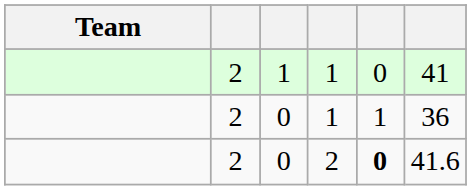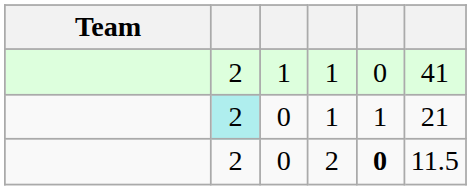 <table class="wikitable" style="text-align:center; float:left; margin-right:1em">
 <tr>
 <th width="110">Team</th>
 <th width="20"></th>
 <th width="20"></th>
 <th width="20"></th>
 <th width="20"></th>
 <th width="20"></th>
 </tr>
 <tr bgcolor="#ddffdd">
 <td align=left></td>
 <td>2</td>
 <td>1</td>
 <td>1</td>
 <td>0</td>
 <td>41</td>
 </tr>
 <tr>
 <td align=left></td>
-<td>2</td>
+<td style="background: paleturquoise;">2</td>
 <td>0</td>
 <td>1</td>
 <td>1</td>
-<td>36</td>
+<td>21</td>
 </tr>
 <tr>
 <td align=left></td>
 <td>2</td>
 <td>0</td>
 <td>2</td>
 <td><strong>0</strong></td>
-<td>41.6</td>
+<td>11.5</td>
 </tr>
 </table>
